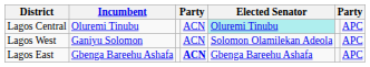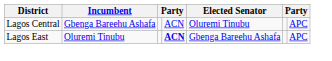 <table class="sortable wikitable" style="font-size:95%;line-height:14px;">
 <tr>
 <th class="unsortable">District</th>
 <th class="unsortable"><a href='#'>Incumbent</a></th>
 <th colspan="2">Party</th>
 <th class="unsortable">Elected Senator</th>
 <th colspan="2">Party</th>
 </tr>
 <tr>
 <td>Lagos Central</td>
-<td><a href='#'>Oluremi Tinubu</a></td>
+<td><a href='#'>Gbenga Bareehu Ashafa</a></td>
 <td style="background:"></td>
 <td><a href='#'>ACN</a></td>
-<td style="background: paleturquoise;"><a href='#'>Oluremi Tinubu</a></td>
-<td style="background:"></td>
-<td><a href='#'>APC</a></td>
-</tr>
-<tr>
-<td>Lagos West</td>
-<td><a href='#'>Ganiyu Solomon</a></td>
-<td style="background:"></td>
-<td><a href='#'>ACN</a></td>
-<td><a href='#'>Solomon Olamilekan Adeola</a></td>
+<td><a href='#'>Oluremi Tinubu</a></td>
 <td style="background:"></td>
 <td><a href='#'>APC</a></td>
 </tr>
 <tr>
 <td>Lagos East</td>
-<td><a href='#'>Gbenga Bareehu Ashafa</a></td>
+<td><a href='#'>Oluremi Tinubu</a></td>
 <td style="background:"></td>
 <td><strong><a href='#'>ACN</a></strong></td>
 <td><a href='#'>Gbenga Bareehu Ashafa</a></td>
 <td style="background:"></td>
 <td><a href='#'>APC</a></td>
 </tr>
 </table>
